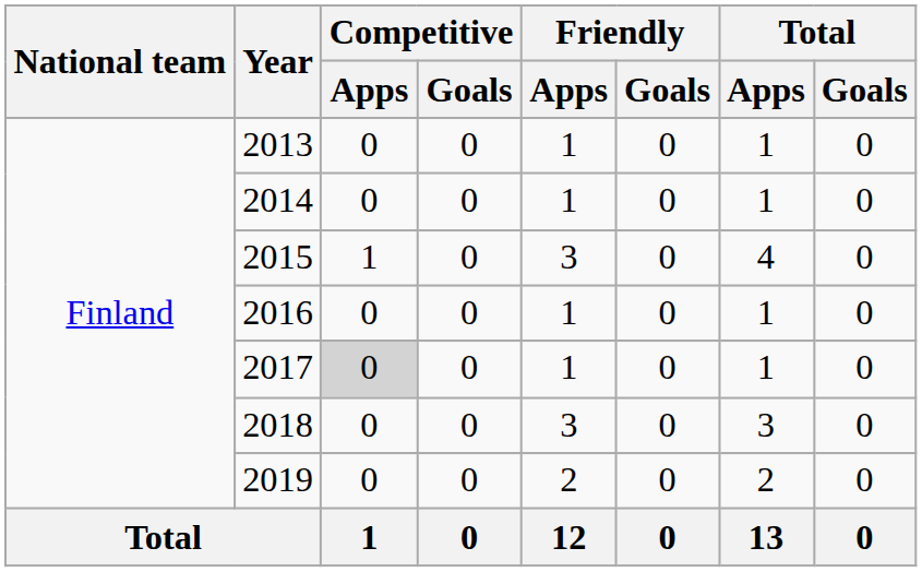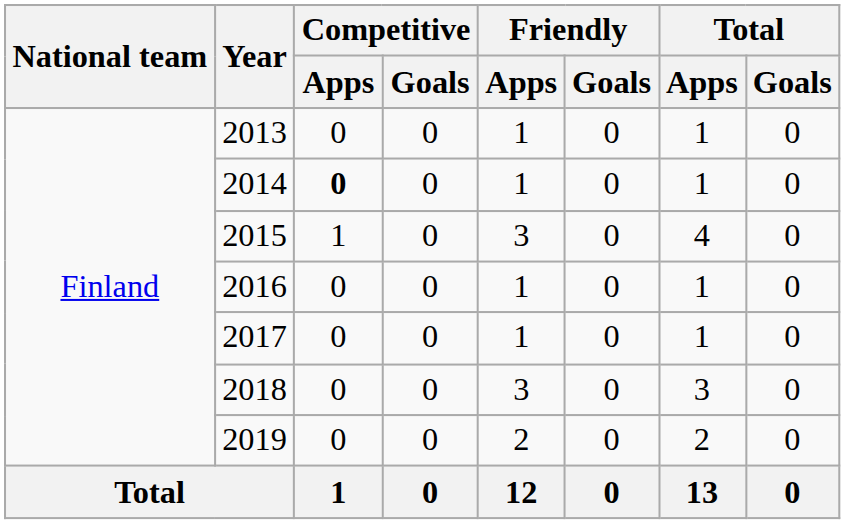 <table class="wikitable" style="text-align:center">
 <tr>
 <th rowspan="2">National team</th>
 <th rowspan="2">Year</th>
 <th colspan="2">Competitive</th>
 <th colspan="2">Friendly</th>
 <th colspan="2">Total</th>
 </tr>
 <tr>
 <th>Apps</th>
 <th>Goals</th>
 <th>Apps</th>
 <th>Goals</th>
 <th>Apps</th>
 <th>Goals</th>
 </tr>
 <tr>
 <td rowspan=7><a href='#'>Finland</a></td>
 <td>2013</td>
 <td>0</td>
 <td>0</td>
 <td>1</td>
 <td>0</td>
 <td>1</td>
 <td>0</td>
 </tr>
 <tr>
 <td>2014</td>
-<td>0</td>
+<td><strong>0</strong></td>
 <td>0</td>
 <td>1</td>
 <td>0</td>
 <td>1</td>
 <td>0</td>
 </tr>
 <tr>
 <td>2015</td>
 <td>1</td>
 <td>0</td>
 <td>3</td>
 <td>0</td>
 <td>4</td>
 <td>0</td>
 </tr>
 <tr>
 <td>2016</td>
 <td>0</td>
 <td>0</td>
 <td>1</td>
 <td>0</td>
 <td>1</td>
 <td>0</td>
 </tr>
 <tr>
 <td>2017</td>
-<td style="background: lightgrey;">0</td>
+<td>0</td>
 <td>0</td>
 <td>1</td>
 <td>0</td>
 <td>1</td>
 <td>0</td>
 </tr>
 <tr>
 <td>2018</td>
 <td>0</td>
 <td>0</td>
 <td>3</td>
 <td>0</td>
 <td>3</td>
 <td>0</td>
 </tr>
 <tr>
 <td>2019</td>
 <td>0</td>
 <td>0</td>
 <td>2</td>
 <td>0</td>
 <td>2</td>
 <td>0</td>
 </tr>
 <tr>
 <th colspan=2>Total</th>
 <th>1</th>
 <th>0</th>
 <th>12</th>
 <th>0</th>
 <th>13</th>
 <th>0</th>
 </tr>
 </table>
